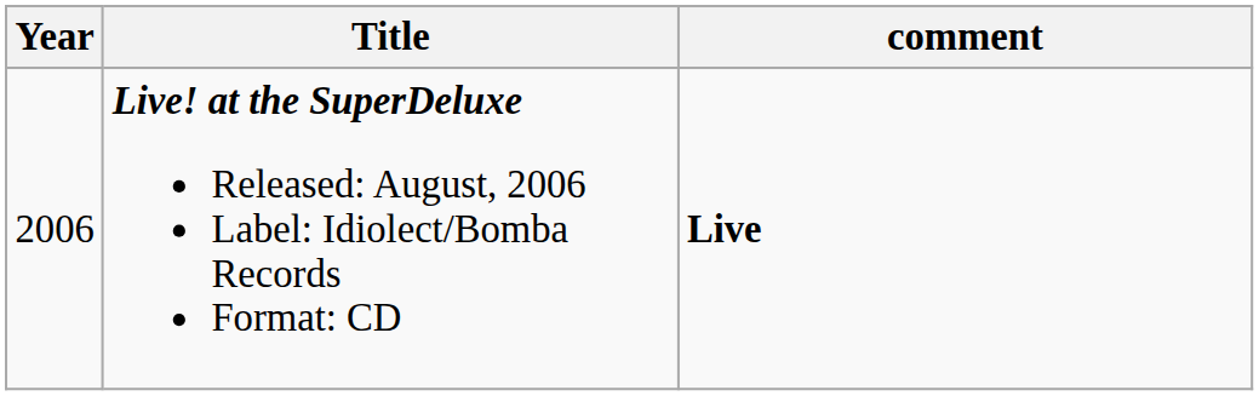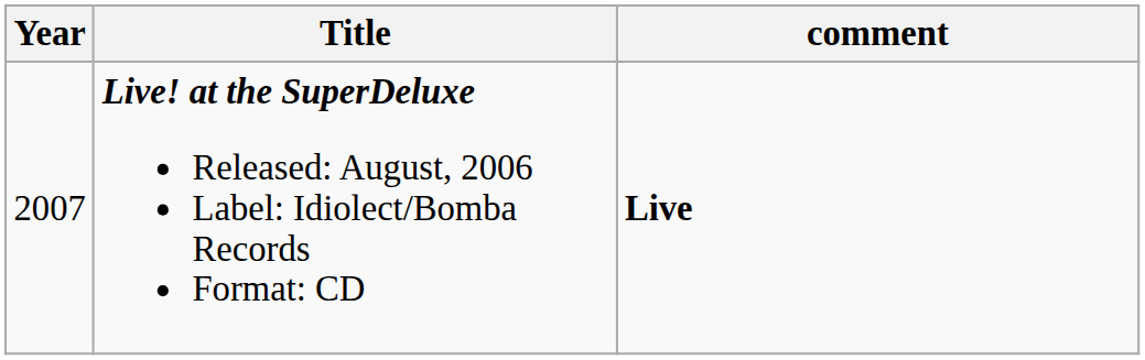 <table class="wikitable">
 <tr>
 <th>Year</th>
 <th style="width:225px;">Title</th>
 <th style="width:225px;">comment</th>
 </tr>
 <tr>
-<td>2006</td>
+<td>2007</td>
 <td style="width:225px;"><strong><em>Live! at the SuperDeluxe</em></strong><br><ul><li>Released: August, 2006</li><li>Label: Idiolect/Bomba Records </li><li>Format: CD</li></ul></td>
 <td><strong>Live</strong></td>
 </tr>
 </table>
